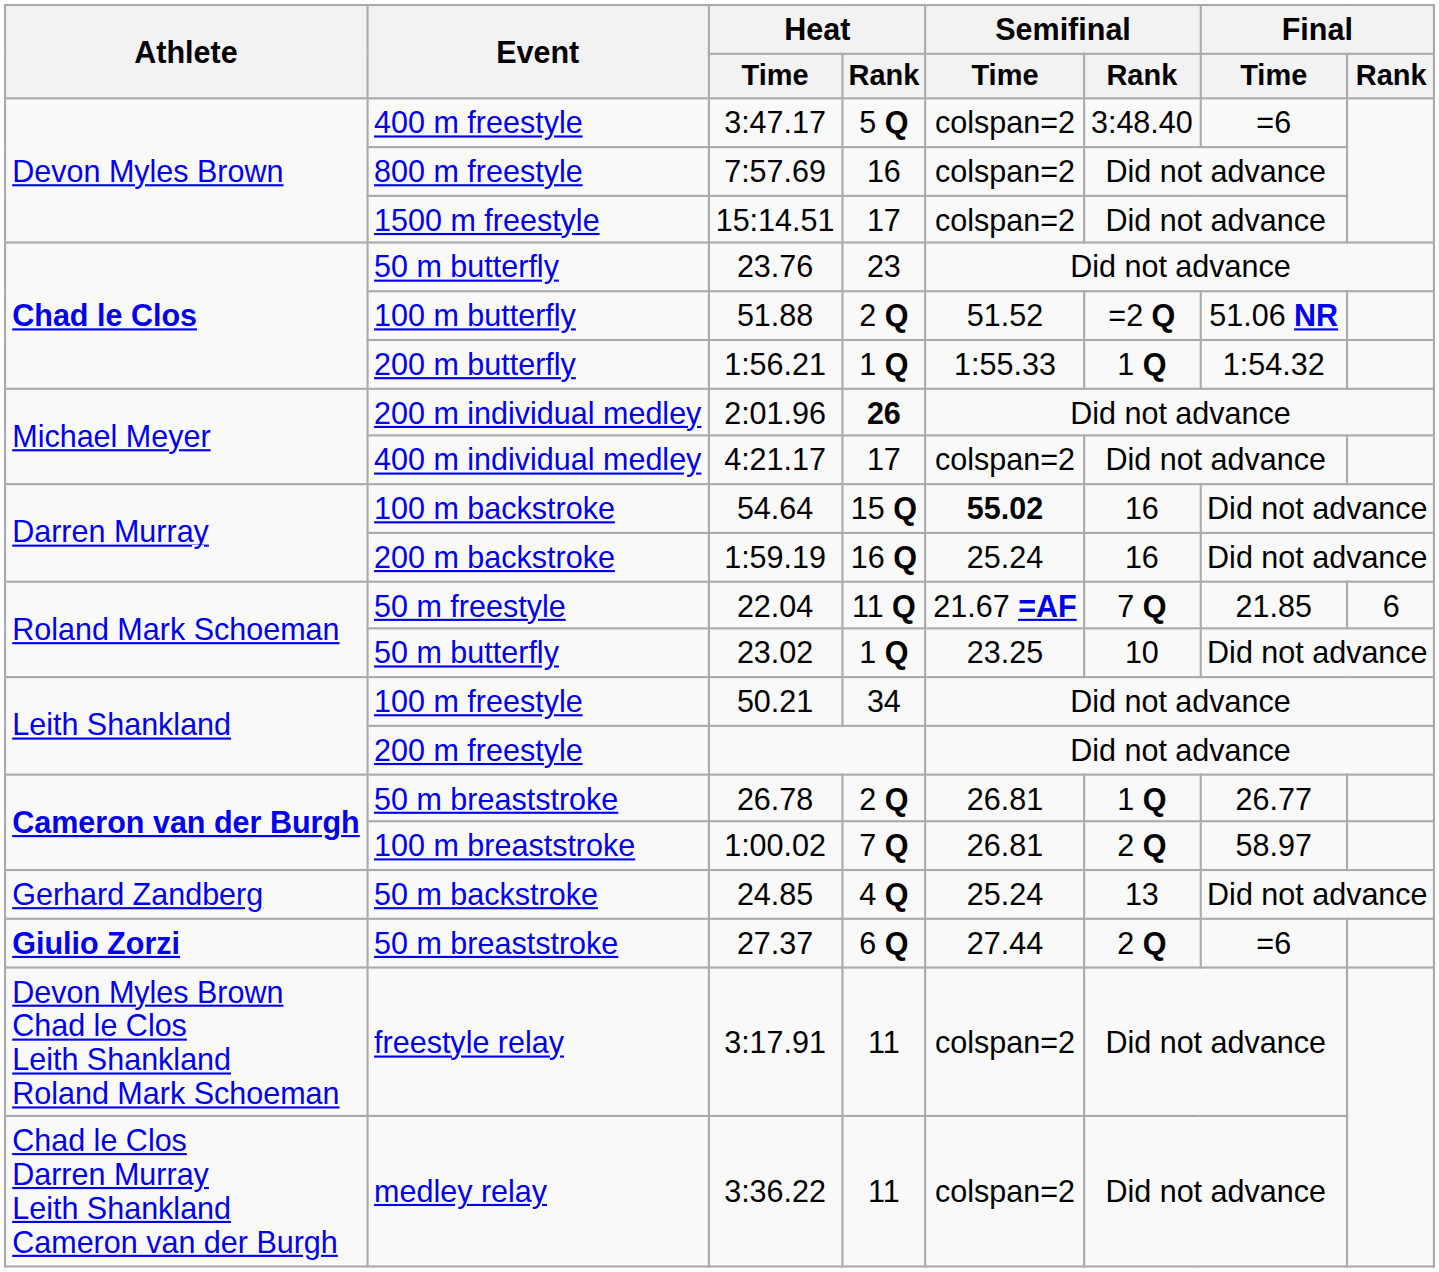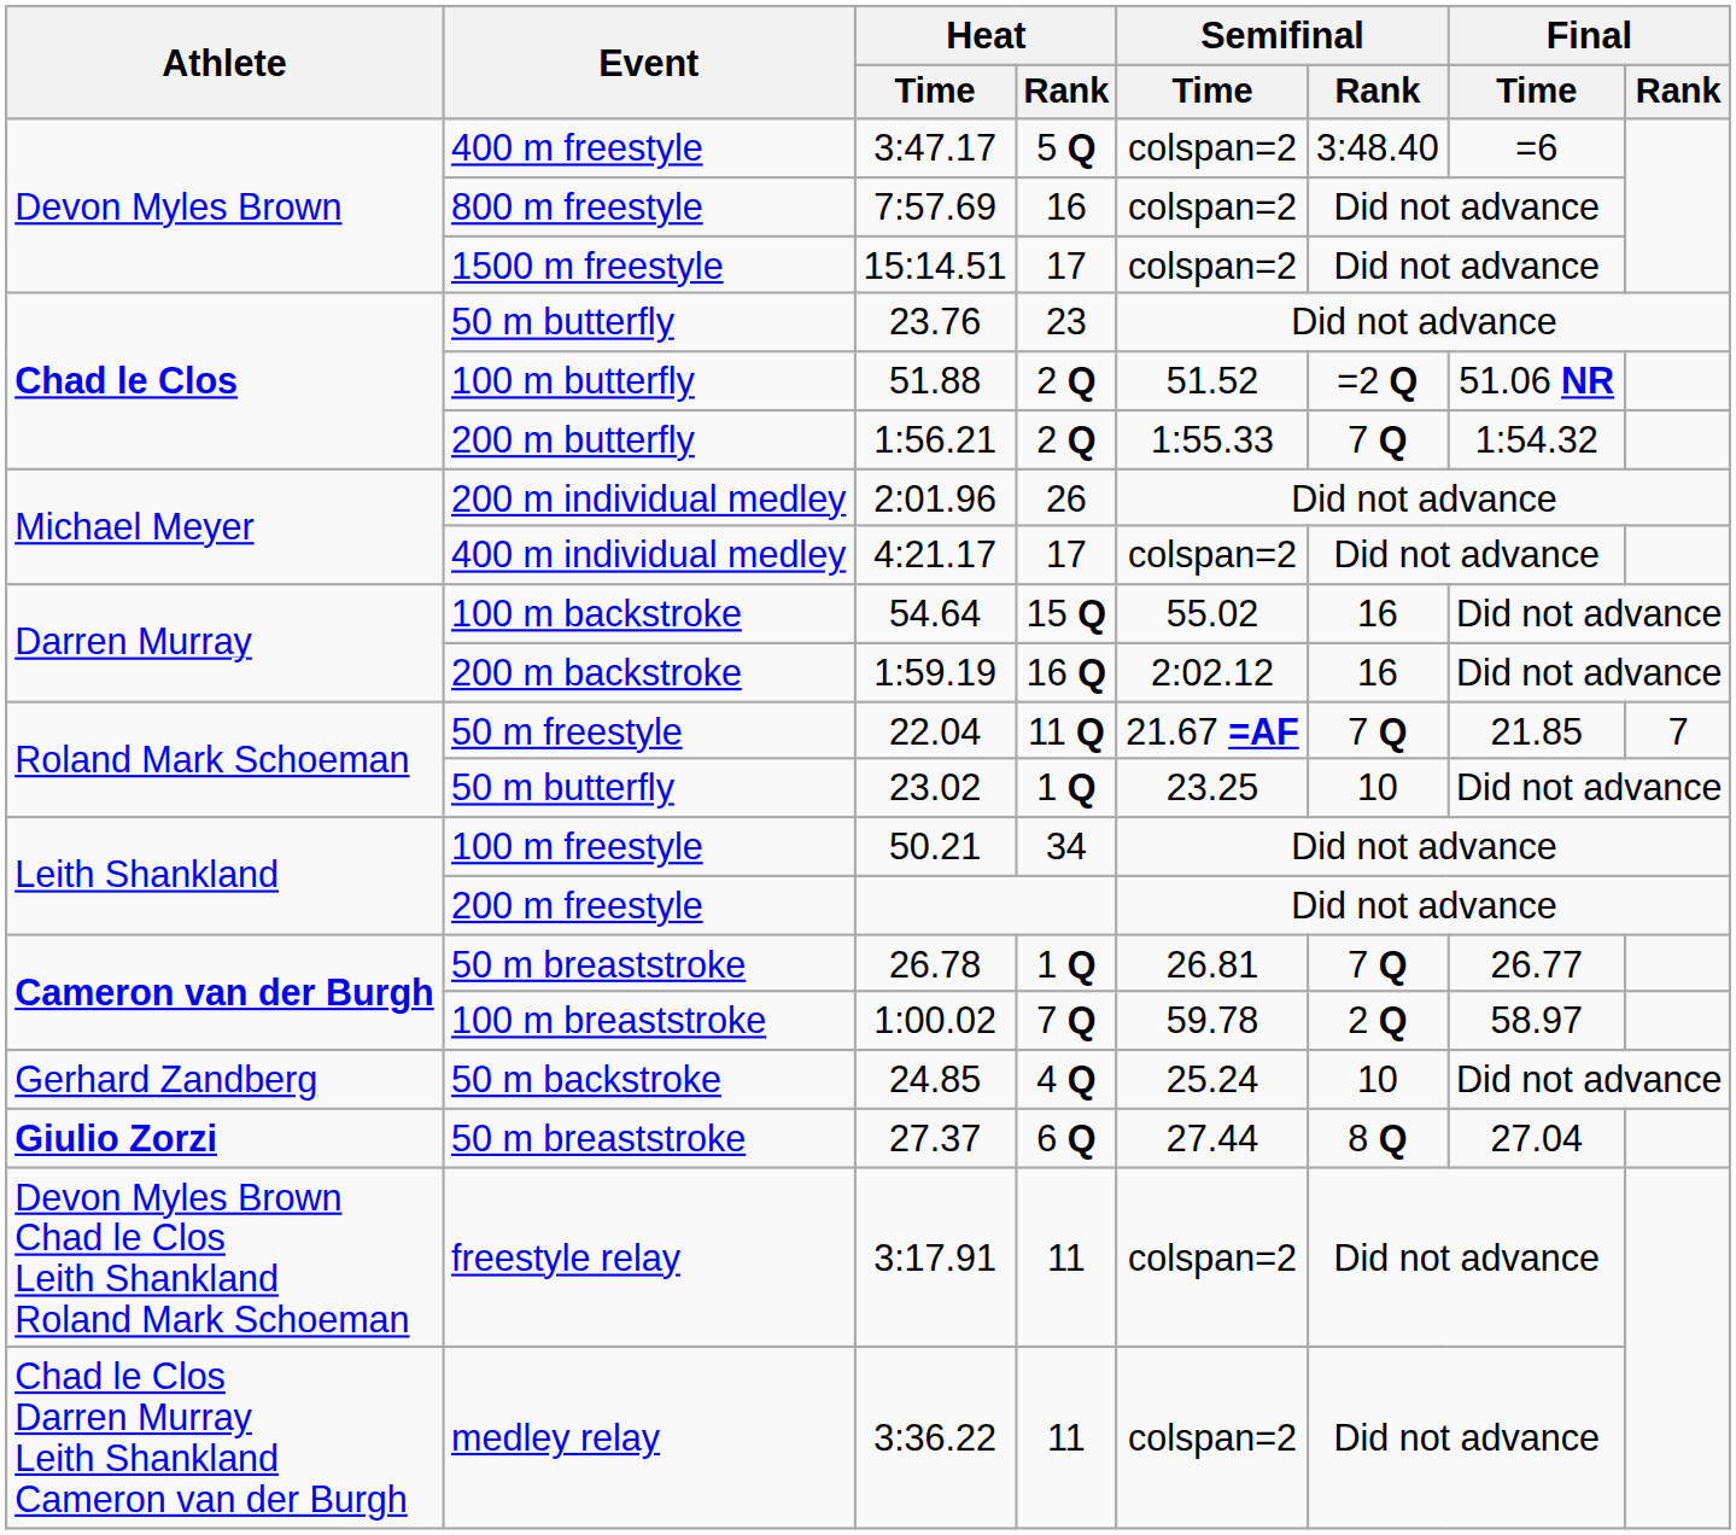 <table class=wikitable style="font-size:90%">
 <tr>
 <th rowspan="2">Athlete</th>
 <th rowspan="2">Event</th>
 <th colspan="2">Heat</th>
 <th colspan="2">Semifinal</th>
 <th colspan="2">Final</th>
 </tr>
 <tr style="font-size:95%">
 <th>Time</th>
 <th>Rank</th>
 <th>Time</th>
 <th>Rank</th>
 <th>Time</th>
 <th>Rank</th>
 </tr>
 <tr align=center>
 <td align=left rowspan=3><a href='#'>Devon Myles Brown</a></td>
 <td align=left><a href='#'>400 m freestyle</a></td>
 <td>3:47.17</td>
 <td>5 <strong>Q</strong></td>
 <td>colspan=2 </td>
 <td>3:48.40</td>
 <td>=6</td>
 </tr>
 <tr align=center>
 <td align=left><a href='#'>800 m freestyle</a></td>
 <td>7:57.69</td>
 <td>16</td>
 <td>colspan=2 </td>
 <td colspan=2>Did not advance</td>
 </tr>
 <tr align=center>
 <td align=left><a href='#'>1500 m freestyle</a></td>
 <td>15:14.51</td>
 <td>17</td>
 <td>colspan=2 </td>
 <td colspan=2>Did not advance</td>
 </tr>
 <tr align=center>
 <td align=left rowspan=3><strong><a href='#'>Chad le Clos</a></strong></td>
 <td align=left><a href='#'>50 m butterfly</a></td>
 <td>23.76</td>
 <td>23</td>
 <td colspan=4>Did not advance</td>
 </tr>
 <tr align=center>
 <td align=left><a href='#'>100 m butterfly</a></td>
 <td>51.88</td>
 <td>2 <strong>Q</strong></td>
 <td>51.52</td>
 <td>=2 <strong>Q</strong></td>
 <td>51.06 <strong><a href='#'>NR</a></strong></td>
 <td></td>
 </tr>
 <tr align=center>
 <td align=left><a href='#'>200 m butterfly</a></td>
 <td>1:56.21</td>
-<td>1 <strong>Q</strong></td>
+<td>2 <strong>Q</strong></td>
 <td>1:55.33</td>
-<td>1 <strong>Q</strong></td>
+<td>7 <strong>Q</strong></td>
 <td>1:54.32</td>
 <td></td>
 </tr>
 <tr align=center>
 <td align=left rowspan=2><a href='#'>Michael Meyer</a></td>
 <td align=left><a href='#'>200 m individual medley</a></td>
 <td>2:01.96</td>
-<td><strong>26</strong></td>
+<td>26</td>
 <td colspan=4>Did not advance</td>
 </tr>
 <tr align=center>
 <td align=left><a href='#'>400 m individual medley</a></td>
 <td>4:21.17</td>
 <td>17</td>
 <td>colspan=2 </td>
 <td colspan=2>Did not advance</td>
 </tr>
 <tr align=center>
 <td align=left rowspan=2><a href='#'>Darren Murray</a></td>
 <td align=left><a href='#'>100 m backstroke</a></td>
 <td>54.64</td>
 <td>15 <strong>Q</strong></td>
-<td><strong>55.02</strong></td>
+<td>55.02</td>
 <td>16</td>
 <td colspan=2>Did not advance</td>
 </tr>
 <tr align=center>
 <td align=left><a href='#'>200 m backstroke</a></td>
 <td>1:59.19</td>
 <td>16 <strong>Q</strong></td>
-<td>25.24</td>
+<td>2:02.12</td>
 <td>16</td>
 <td colspan=2>Did not advance</td>
 </tr>
 <tr align=center>
 <td align=left rowspan=2><a href='#'>Roland Mark Schoeman</a></td>
 <td align=left><a href='#'>50 m freestyle</a></td>
 <td>22.04</td>
 <td>11 <strong>Q</strong></td>
 <td>21.67 <strong><a href='#'>=AF</a></strong></td>
 <td>7 <strong>Q</strong></td>
 <td>21.85</td>
-<td>6</td>
+<td>7</td>
 </tr>
 <tr align=center>
 <td align=left><a href='#'>50 m butterfly</a></td>
 <td>23.02</td>
 <td>1 <strong>Q</strong></td>
 <td>23.25</td>
 <td>10</td>
 <td colspan=2>Did not advance</td>
 </tr>
 <tr align=center>
 <td align=left rowspan=2><a href='#'>Leith Shankland</a></td>
 <td align=left><a href='#'>100 m freestyle</a></td>
 <td>50.21</td>
 <td>34</td>
 <td colspan=4>Did not advance</td>
 </tr>
 <tr align=center>
 <td align=left><a href='#'>200 m freestyle</a></td>
 <td colspan=2></td>
 <td colspan=4>Did not advance</td>
 </tr>
 <tr align=center>
 <td align=left rowspan=2><strong><a href='#'>Cameron van der Burgh</a></strong></td>
 <td align=left><a href='#'>50 m breaststroke</a></td>
 <td>26.78</td>
-<td>2 <strong>Q</strong></td>
+<td>1 <strong>Q</strong></td>
 <td>26.81</td>
-<td>1 <strong>Q</strong></td>
+<td>7 <strong>Q</strong></td>
 <td>26.77</td>
 <td></td>
 </tr>
 <tr align=center>
 <td align=left><a href='#'>100 m breaststroke</a></td>
 <td>1:00.02</td>
 <td>7 <strong>Q</strong></td>
-<td>26.81</td>
+<td>59.78</td>
 <td>2 <strong>Q</strong></td>
 <td>58.97</td>
 <td></td>
 </tr>
 <tr align=center>
 <td align=left><a href='#'>Gerhard Zandberg</a></td>
 <td align=left><a href='#'>50 m backstroke</a></td>
 <td>24.85</td>
 <td>4 <strong>Q</strong></td>
 <td>25.24</td>
-<td>13</td>
+<td>10</td>
 <td colspan=2>Did not advance</td>
 </tr>
 <tr align=center>
 <td align=left><strong><a href='#'>Giulio Zorzi</a></strong></td>
 <td align=left><a href='#'>50 m breaststroke</a></td>
 <td>27.37</td>
 <td>6 <strong>Q</strong></td>
 <td>27.44</td>
-<td>2 <strong>Q</strong></td>
-<td>=6</td>
+<td>8 <strong>Q</strong></td>
+<td>27.04</td>
 <td></td>
 </tr>
 <tr align=center>
 <td align=left><a href='#'>Devon Myles Brown</a><br><a href='#'>Chad le Clos</a><br><a href='#'>Leith Shankland</a><br><a href='#'>Roland Mark Schoeman</a></td>
 <td align=left><a href='#'> freestyle relay</a></td>
 <td>3:17.91</td>
 <td>11</td>
 <td>colspan=2 </td>
 <td colspan=2>Did not advance</td>
 </tr>
 <tr align=center>
 <td align=left><a href='#'>Chad le Clos</a><br><a href='#'>Darren Murray</a><br><a href='#'>Leith Shankland</a><br><a href='#'>Cameron van der Burgh</a></td>
 <td align=left><a href='#'> medley relay</a></td>
 <td>3:36.22</td>
 <td>11</td>
 <td>colspan=2 </td>
 <td colspan=2>Did not advance</td>
 </tr>
 </table>
